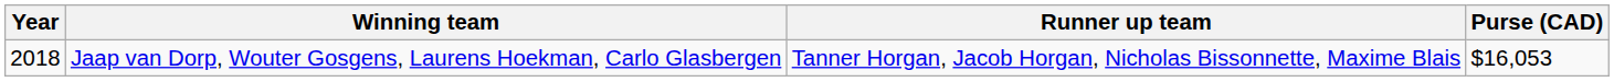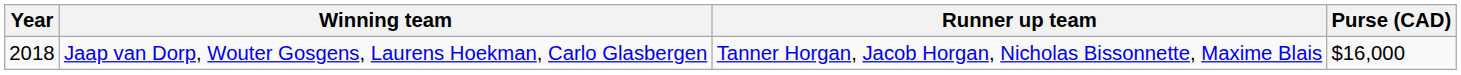 <table class="wikitable">
 <tr>
 <th scope="col">Year</th>
 <th scope="col">Winning team</th>
 <th scope="col">Runner up team</th>
 <th scope="col">Purse (CAD)</th>
 </tr>
 <tr>
 <td>2018</td>
 <td> <a href='#'>Jaap van Dorp</a>, <a href='#'>Wouter Gosgens</a>, <a href='#'>Laurens Hoekman</a>, <a href='#'>Carlo Glasbergen</a></td>
 <td> <a href='#'>Tanner Horgan</a>, <a href='#'>Jacob Horgan</a>, <a href='#'>Nicholas Bissonnette</a>, <a href='#'>Maxime Blais</a></td>
-<td>$16,053</td>
+<td>$16,000</td>
 </tr>
 </table>
